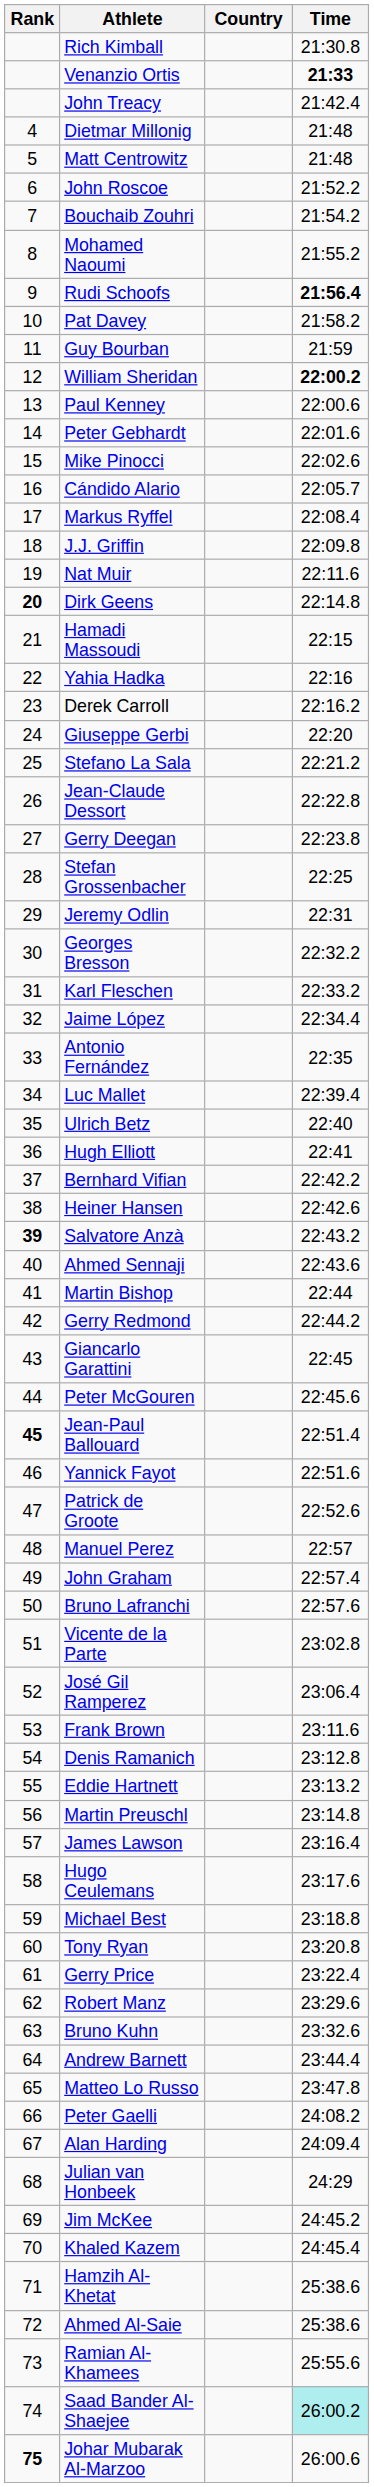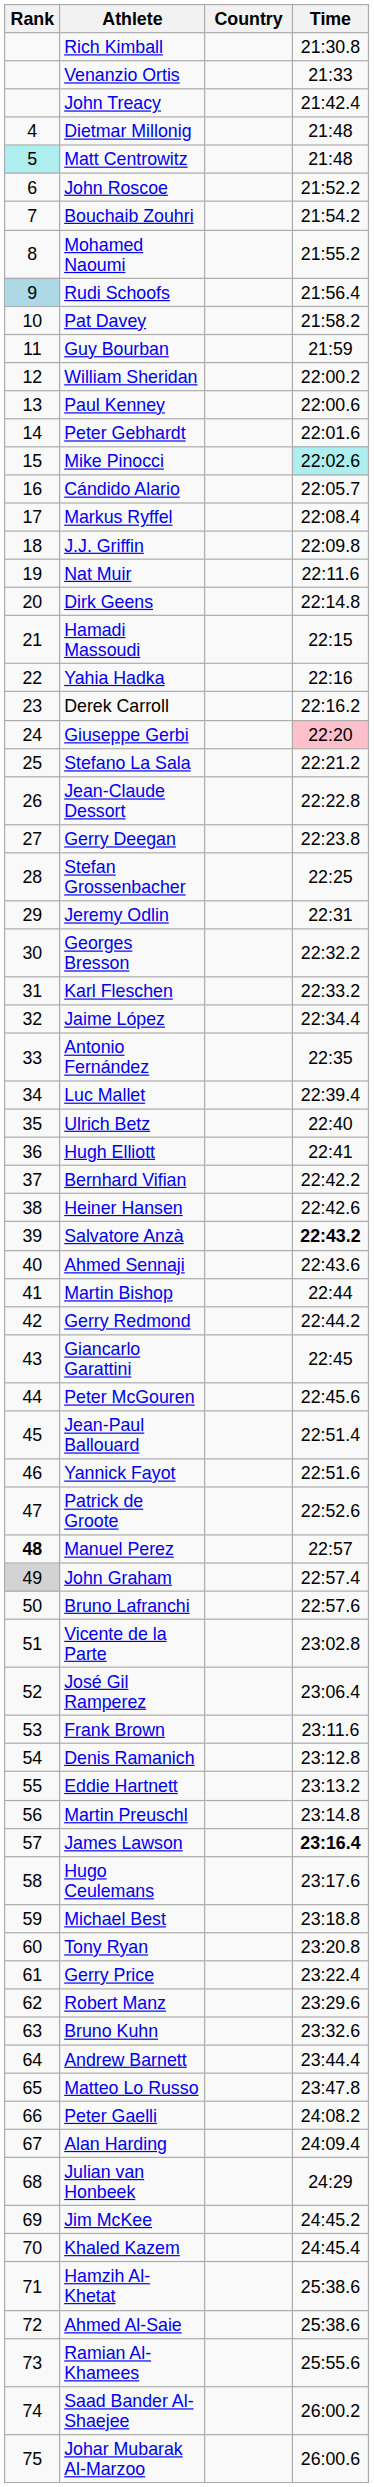 <table class="wikitable sortable" style=" text-align:center; font-size:95%;" width="50%">
 <tr>
 <th width=5%>Rank</th>
 <th width=20%>Athlete</th>
 <th width=15%>Country</th>
 <th width=10%>Time</th>
 </tr>
 <tr>
 <td align=center></td>
 <td align=left><a href='#'>Rich Kimball</a></td>
 <td align=left></td>
 <td>21:30.8</td>
 </tr>
 <tr>
 <td align=center></td>
 <td align=left><a href='#'>Venanzio Ortis</a></td>
 <td align=left></td>
-<td><strong>21:33</strong></td>
+<td>21:33</td>
 </tr>
 <tr>
 <td align=center></td>
 <td align=left><a href='#'>John Treacy</a></td>
 <td align=left></td>
 <td>21:42.4</td>
 </tr>
 <tr>
 <td align=center>4</td>
 <td align=left><a href='#'>Dietmar Millonig</a></td>
 <td align=left></td>
 <td>21:48</td>
 </tr>
 <tr>
-<td align=center>5</td>
+<td align=center style="background: paleturquoise;">5</td>
 <td align=left><a href='#'>Matt Centrowitz</a></td>
 <td align=left></td>
 <td>21:48</td>
 </tr>
 <tr>
 <td align=center>6</td>
 <td align=left><a href='#'>John Roscoe</a></td>
 <td align=left></td>
 <td>21:52.2</td>
 </tr>
 <tr>
 <td align=center>7</td>
 <td align=left><a href='#'>Bouchaib Zouhri</a></td>
 <td align=left></td>
 <td>21:54.2</td>
 </tr>
 <tr>
 <td align=center>8</td>
 <td align=left><a href='#'>Mohamed Naoumi</a></td>
 <td align=left></td>
 <td>21:55.2</td>
 </tr>
 <tr>
-<td align=center>9</td>
+<td align=center style="background: lightblue;">9</td>
 <td align=left><a href='#'>Rudi Schoofs</a></td>
 <td align=left></td>
-<td><strong>21:56.4</strong></td>
+<td>21:56.4</td>
 </tr>
 <tr>
 <td align=center>10</td>
 <td align=left><a href='#'>Pat Davey</a></td>
 <td align=left></td>
 <td>21:58.2</td>
 </tr>
 <tr>
 <td align=center>11</td>
 <td align=left><a href='#'>Guy Bourban</a></td>
 <td align=left></td>
 <td>21:59</td>
 </tr>
 <tr>
 <td align=center>12</td>
 <td align=left><a href='#'>William Sheridan</a></td>
 <td align=left></td>
-<td><strong>22:00.2</strong></td>
+<td>22:00.2</td>
 </tr>
 <tr>
 <td align=center>13</td>
 <td align=left><a href='#'>Paul Kenney</a></td>
 <td align=left></td>
 <td>22:00.6</td>
 </tr>
 <tr>
 <td align=center>14</td>
 <td align=left><a href='#'>Peter Gebhardt</a></td>
 <td align=left></td>
 <td>22:01.6</td>
 </tr>
 <tr>
 <td align=center>15</td>
 <td align=left><a href='#'>Mike Pinocci</a></td>
 <td align=left></td>
-<td>22:02.6</td>
+<td style="background: paleturquoise;">22:02.6</td>
 </tr>
 <tr>
 <td align=center>16</td>
 <td align=left><a href='#'>Cándido Alario</a></td>
 <td align=left></td>
 <td>22:05.7</td>
 </tr>
 <tr>
 <td align=center>17</td>
 <td align=left><a href='#'>Markus Ryffel</a></td>
 <td align=left></td>
 <td>22:08.4</td>
 </tr>
 <tr>
 <td align=center>18</td>
 <td align=left><a href='#'>J.J. Griffin</a></td>
 <td align=left></td>
 <td>22:09.8</td>
 </tr>
 <tr>
 <td align=center>19</td>
 <td align=left><a href='#'>Nat Muir</a></td>
 <td align=left></td>
 <td>22:11.6</td>
 </tr>
 <tr>
-<td align=center><strong>20</strong></td>
+<td align=center>20</td>
 <td align=left><a href='#'>Dirk Geens</a></td>
 <td align=left></td>
 <td>22:14.8</td>
 </tr>
 <tr>
 <td align=center>21</td>
 <td align=left><a href='#'>Hamadi Massoudi</a></td>
 <td align=left></td>
 <td>22:15</td>
 </tr>
 <tr>
 <td align=center>22</td>
 <td align=left><a href='#'>Yahia Hadka</a></td>
 <td align=left></td>
 <td>22:16</td>
 </tr>
 <tr>
 <td align=center>23</td>
 <td align=left>Derek Carroll</td>
 <td align=left></td>
 <td>22:16.2</td>
 </tr>
 <tr>
 <td align=center>24</td>
 <td align=left><a href='#'>Giuseppe Gerbi</a></td>
 <td align=left></td>
-<td>22:20</td>
+<td style="background: pink;">22:20</td>
 </tr>
 <tr>
 <td align=center>25</td>
 <td align=left><a href='#'>Stefano La Sala</a></td>
 <td align=left></td>
 <td>22:21.2</td>
 </tr>
 <tr>
 <td align=center>26</td>
 <td align=left><a href='#'>Jean-Claude Dessort</a></td>
 <td align=left></td>
 <td>22:22.8</td>
 </tr>
 <tr>
 <td align=center>27</td>
 <td align=left><a href='#'>Gerry Deegan</a></td>
 <td align=left></td>
 <td>22:23.8</td>
 </tr>
 <tr>
 <td align=center>28</td>
 <td align=left><a href='#'>Stefan Grossenbacher</a></td>
 <td align=left></td>
 <td>22:25</td>
 </tr>
 <tr>
 <td align=center>29</td>
 <td align=left><a href='#'>Jeremy Odlin</a></td>
 <td align=left></td>
 <td>22:31</td>
 </tr>
 <tr>
 <td align=center>30</td>
 <td align=left><a href='#'>Georges Bresson</a></td>
 <td align=left></td>
 <td>22:32.2</td>
 </tr>
 <tr>
 <td align=center>31</td>
 <td align=left><a href='#'>Karl Fleschen</a></td>
 <td align=left></td>
 <td>22:33.2</td>
 </tr>
 <tr>
 <td align=center>32</td>
 <td align=left><a href='#'>Jaime López</a></td>
 <td align=left></td>
 <td>22:34.4</td>
 </tr>
 <tr>
 <td align=center>33</td>
 <td align=left><a href='#'>Antonio Fernández</a></td>
 <td align=left></td>
 <td>22:35</td>
 </tr>
 <tr>
 <td align=center>34</td>
 <td align=left><a href='#'>Luc Mallet</a></td>
 <td align=left></td>
 <td>22:39.4</td>
 </tr>
 <tr>
 <td align=center>35</td>
 <td align=left><a href='#'>Ulrich Betz</a></td>
 <td align=left></td>
 <td>22:40</td>
 </tr>
 <tr>
 <td align=center>36</td>
 <td align=left><a href='#'>Hugh Elliott</a></td>
 <td align=left></td>
 <td>22:41</td>
 </tr>
 <tr>
 <td align=center>37</td>
 <td align=left><a href='#'>Bernhard Vifian</a></td>
 <td align=left></td>
 <td>22:42.2</td>
 </tr>
 <tr>
 <td align=center>38</td>
 <td align=left><a href='#'>Heiner Hansen</a></td>
 <td align=left></td>
 <td>22:42.6</td>
 </tr>
 <tr>
-<td align=center><strong>39</strong></td>
+<td align=center>39</td>
 <td align=left><a href='#'>Salvatore Anzà</a></td>
 <td align=left></td>
-<td>22:43.2</td>
+<td><strong>22:43.2</strong></td>
 </tr>
 <tr>
 <td align=center>40</td>
 <td align=left><a href='#'>Ahmed Sennaji</a></td>
 <td align=left></td>
 <td>22:43.6</td>
 </tr>
 <tr>
 <td align=center>41</td>
 <td align=left><a href='#'>Martin Bishop</a></td>
 <td align=left></td>
 <td>22:44</td>
 </tr>
 <tr>
 <td align=center>42</td>
 <td align=left><a href='#'>Gerry Redmond</a></td>
 <td align=left></td>
 <td>22:44.2</td>
 </tr>
 <tr>
 <td align=center>43</td>
 <td align=left><a href='#'>Giancarlo Garattini</a></td>
 <td align=left></td>
 <td>22:45</td>
 </tr>
 <tr>
 <td align=center>44</td>
 <td align=left><a href='#'>Peter McGouren</a></td>
 <td align=left></td>
 <td>22:45.6</td>
 </tr>
 <tr>
-<td align=center><strong>45</strong></td>
+<td align=center>45</td>
 <td align=left><a href='#'>Jean-Paul Ballouard</a></td>
 <td align=left></td>
 <td>22:51.4</td>
 </tr>
 <tr>
 <td align=center>46</td>
 <td align=left><a href='#'>Yannick Fayot</a></td>
 <td align=left></td>
 <td>22:51.6</td>
 </tr>
 <tr>
 <td align=center>47</td>
 <td align=left><a href='#'>Patrick de Groote</a></td>
 <td align=left></td>
 <td>22:52.6</td>
 </tr>
 <tr>
-<td align=center>48</td>
+<td align=center><strong>48</strong></td>
 <td align=left><a href='#'>Manuel Perez</a></td>
 <td align=left></td>
 <td>22:57</td>
 </tr>
 <tr>
-<td align=center>49</td>
+<td align=center style="background: lightgrey;">49</td>
 <td align=left><a href='#'>John Graham</a></td>
 <td align=left></td>
 <td>22:57.4</td>
 </tr>
 <tr>
 <td align=center>50</td>
 <td align=left><a href='#'>Bruno Lafranchi</a></td>
 <td align=left></td>
 <td>22:57.6</td>
 </tr>
 <tr>
 <td align=center>51</td>
 <td align=left><a href='#'>Vicente de la Parte</a></td>
 <td align=left></td>
 <td>23:02.8</td>
 </tr>
 <tr>
 <td align=center>52</td>
 <td align=left><a href='#'>José Gil Ramperez</a></td>
 <td align=left></td>
 <td>23:06.4</td>
 </tr>
 <tr>
 <td align=center>53</td>
 <td align=left><a href='#'>Frank Brown</a></td>
 <td align=left></td>
 <td>23:11.6</td>
 </tr>
 <tr>
 <td align=center>54</td>
 <td align=left><a href='#'>Denis Ramanich</a></td>
 <td align=left></td>
 <td>23:12.8</td>
 </tr>
 <tr>
 <td align=center>55</td>
 <td align=left><a href='#'>Eddie Hartnett</a></td>
 <td align=left></td>
 <td>23:13.2</td>
 </tr>
 <tr>
 <td align=center>56</td>
 <td align=left><a href='#'>Martin Preuschl</a></td>
 <td align=left></td>
 <td>23:14.8</td>
 </tr>
 <tr>
 <td align=center>57</td>
 <td align=left><a href='#'>James Lawson</a></td>
 <td align=left></td>
-<td>23:16.4</td>
+<td><strong>23:16.4</strong></td>
 </tr>
 <tr>
 <td align=center>58</td>
 <td align=left><a href='#'>Hugo Ceulemans</a></td>
 <td align=left></td>
 <td>23:17.6</td>
 </tr>
 <tr>
 <td align=center>59</td>
 <td align=left><a href='#'>Michael Best</a></td>
 <td align=left></td>
 <td>23:18.8</td>
 </tr>
 <tr>
 <td align=center>60</td>
 <td align=left><a href='#'>Tony Ryan</a></td>
 <td align=left></td>
 <td>23:20.8</td>
 </tr>
 <tr>
 <td align=center>61</td>
 <td align=left><a href='#'>Gerry Price</a></td>
 <td align=left></td>
 <td>23:22.4</td>
 </tr>
 <tr>
 <td align=center>62</td>
 <td align=left><a href='#'>Robert Manz</a></td>
 <td align=left></td>
 <td>23:29.6</td>
 </tr>
 <tr>
 <td align=center>63</td>
 <td align=left><a href='#'>Bruno Kuhn</a></td>
 <td align=left></td>
 <td>23:32.6</td>
 </tr>
 <tr>
 <td align=center>64</td>
 <td align=left><a href='#'>Andrew Barnett</a></td>
 <td align=left></td>
 <td>23:44.4</td>
 </tr>
 <tr>
 <td align=center>65</td>
 <td align=left><a href='#'>Matteo Lo Russo</a></td>
 <td align=left></td>
 <td>23:47.8</td>
 </tr>
 <tr>
 <td align=center>66</td>
 <td align=left><a href='#'>Peter Gaelli</a></td>
 <td align=left></td>
 <td>24:08.2</td>
 </tr>
 <tr>
 <td align=center>67</td>
 <td align=left><a href='#'>Alan Harding</a></td>
 <td align=left></td>
 <td>24:09.4</td>
 </tr>
 <tr>
 <td align=center>68</td>
 <td align=left><a href='#'>Julian van Honbeek</a></td>
 <td align=left></td>
 <td>24:29</td>
 </tr>
 <tr>
 <td align=center>69</td>
 <td align=left><a href='#'>Jim McKee</a></td>
 <td align=left></td>
 <td>24:45.2</td>
 </tr>
 <tr>
 <td align=center>70</td>
 <td align=left><a href='#'>Khaled Kazem</a></td>
 <td align=left></td>
 <td>24:45.4</td>
 </tr>
 <tr>
 <td align=center>71</td>
 <td align=left><a href='#'>Hamzih Al-Khetat</a></td>
 <td align=left></td>
 <td>25:38.6</td>
 </tr>
 <tr>
 <td align=center>72</td>
 <td align=left><a href='#'>Ahmed Al-Saie</a></td>
 <td align=left></td>
 <td>25:38.6</td>
 </tr>
 <tr>
 <td align=center>73</td>
 <td align=left><a href='#'>Ramian Al-Khamees</a></td>
 <td align=left></td>
 <td>25:55.6</td>
 </tr>
 <tr>
 <td align=center>74</td>
 <td align=left><a href='#'>Saad Bander Al-Shaejee</a></td>
 <td align=left></td>
-<td style="background: paleturquoise;">26:00.2</td>
+<td>26:00.2</td>
 </tr>
 <tr>
-<td align=center><strong>75</strong></td>
+<td align=center>75</td>
 <td align=left><a href='#'>Johar Mubarak Al-Marzoo</a></td>
 <td align=left></td>
 <td>26:00.6</td>
 </tr>
 </table>
